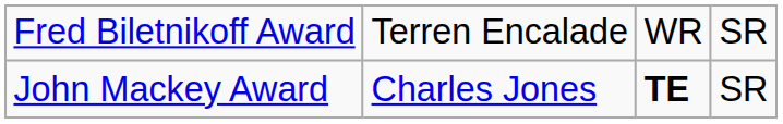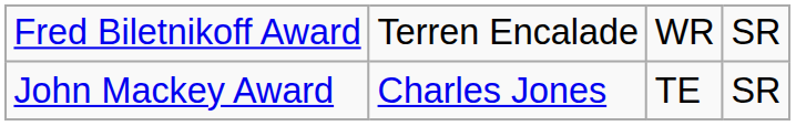 <table class="wikitable">
 <tr>
 <td><a href='#'>Fred Biletnikoff Award</a></td>
 <td>Terren Encalade</td>
 <td>WR</td>
 <td>SR</td>
 </tr>
 <tr>
 <td><a href='#'>John Mackey Award</a></td>
 <td><a href='#'>Charles Jones</a></td>
-<td><strong>TE</strong></td>
+<td>TE</td>
 <td>SR</td>
 </tr>
 </table>
